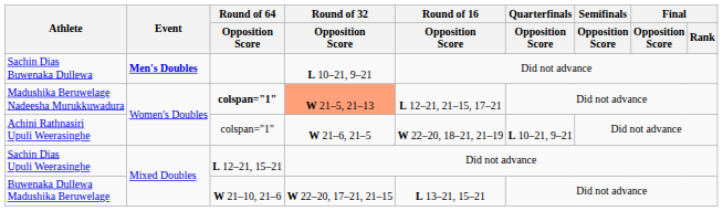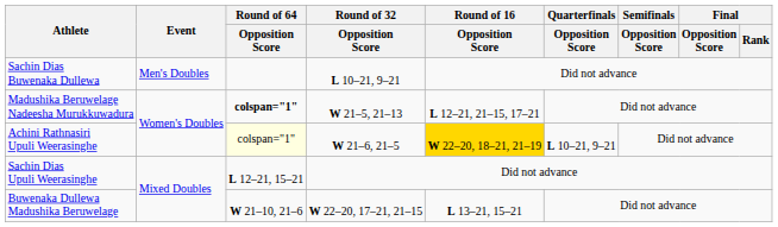 <table class=wikitable style="font-size:90%">
 <tr>
 <th rowspan="2">Athlete</th>
 <th rowspan="2">Event</th>
 <th>Round of 64</th>
 <th>Round of 32</th>
 <th>Round of 16</th>
 <th>Quarterfinals</th>
 <th>Semifinals</th>
 <th colspan="2">Final</th>
 </tr>
 <tr>
 <th>Opposition<br>Score</th>
 <th>Opposition<br>Score</th>
 <th>Opposition<br>Score</th>
 <th>Opposition<br>Score</th>
 <th>Opposition<br>Score</th>
 <th>Opposition<br>Score</th>
 <th>Rank</th>
 </tr>
 <tr align=center>
 <td align=left><a href='#'>Sachin Dias</a> <br> <a href='#'>Buwenaka Dullewa</a></td>
-<td align=left><strong><a href='#'>Men's Doubles</a></strong></td>
+<td align=left><a href='#'>Men's Doubles</a></td>
 <td></td>
 <td><br><strong>L</strong> 10–21, 9–21</td>
 <td colspan="5">Did not advance</td>
 </tr>
 <tr align=center>
 <td align=left><a href='#'>Madushika Beruwelage</a> <br> <a href='#'>Nadeesha Murukkuwadura</a></td>
 <td align=left rowspan="2"><a href='#'>Women's Doubles</a></td>
 <td><strong>colspan="1" </strong></td>
-<td style="background: lightsalmon;"><br><strong>W</strong> 21–5, 21–13</td>
+<td><br><strong>W</strong> 21–5, 21–13</td>
 <td><br><strong>L</strong> 12–21, 21–15, 17–21</td>
 <td colspan="4">Did not advance</td>
 </tr>
 <tr align=center>
 <td align=left><a href='#'>Achini Rathnasiri</a> <br> <a href='#'>Upuli Weerasinghe</a></td>
-<td>colspan="1" </td>
+<td style="background: lightyellow;">colspan="1" </td>
 <td><br><strong>W</strong> 21–6, 21–5</td>
-<td><br><strong>W</strong> 22–20, 18–21, 21–19</td>
+<td style="background: gold;"><br><strong>W</strong> 22–20, 18–21, 21–19</td>
 <td><br><strong>L</strong> 10–21, 9–21</td>
 <td colspan="3">Did not advance</td>
 </tr>
 <tr align=center>
 <td align=left><a href='#'>Sachin Dias</a>  <br> <a href='#'>Upuli Weerasinghe</a></td>
 <td align=left rowspan="2"><a href='#'>Mixed Doubles</a></td>
 <td><br><strong>L</strong> 12–21, 15–21</td>
 <td colspan="6">Did not advance</td>
 </tr>
 <tr align=center>
 <td align=left><a href='#'>Buwenaka Dullewa</a> <br> <a href='#'>Madushika Beruwelage</a></td>
 <td><br><strong>W</strong> 21–10, 21–6</td>
 <td><br><strong>W</strong> 22–20, 17–21, 21–15</td>
 <td><br><strong>L</strong> 13–21, 15–21</td>
 <td colspan="4">Did not advance</td>
 </tr>
 </table>
